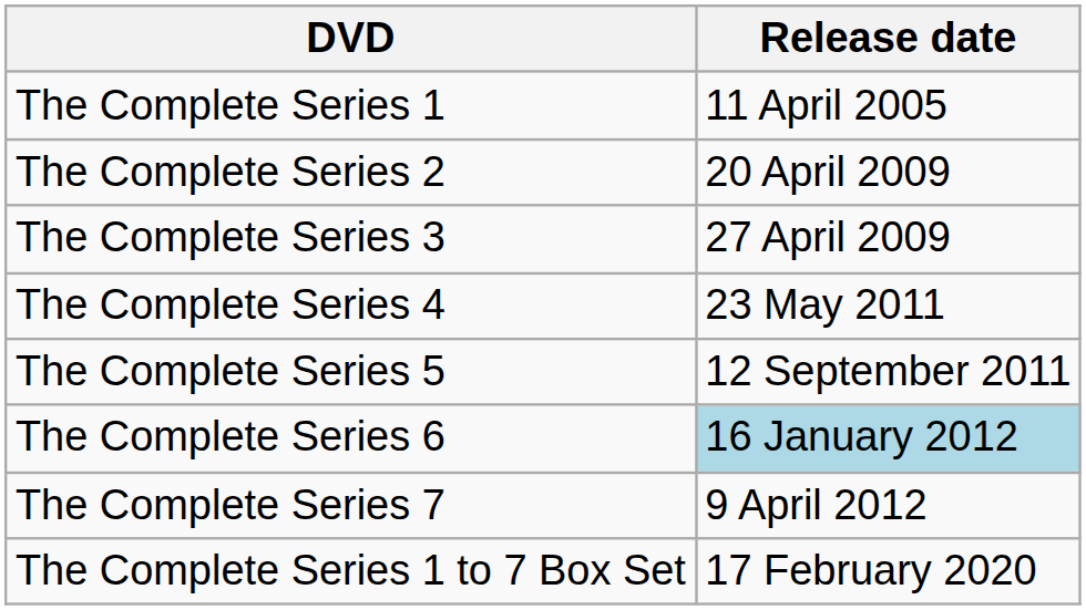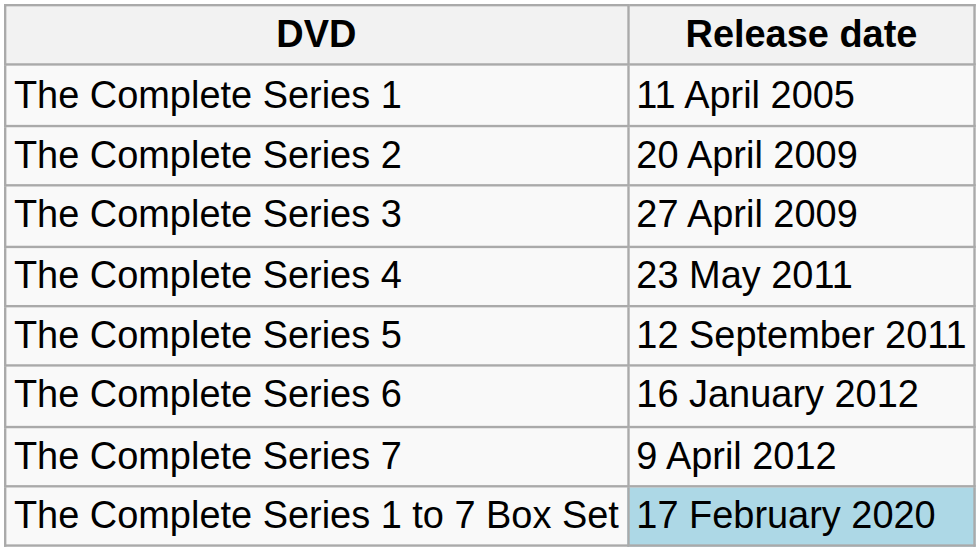 <table class="wikitable">
 <tr>
 <th>DVD</th>
 <th>Release date</th>
 </tr>
 <tr>
 <td>The Complete Series 1</td>
 <td>11 April 2005</td>
 </tr>
 <tr>
 <td>The Complete Series 2</td>
 <td>20 April 2009</td>
 </tr>
 <tr>
 <td>The Complete Series 3</td>
 <td>27 April 2009</td>
 </tr>
 <tr>
 <td>The Complete Series 4</td>
 <td>23 May 2011</td>
 </tr>
 <tr>
 <td>The Complete Series 5</td>
 <td>12 September 2011</td>
 </tr>
 <tr>
 <td>The Complete Series 6</td>
-<td style="background: lightblue;">16 January 2012</td>
+<td>16 January 2012</td>
 </tr>
 <tr>
 <td>The Complete Series 7</td>
 <td>9 April 2012</td>
 </tr>
 <tr>
 <td>The Complete Series 1 to 7 Box Set</td>
-<td>17 February 2020</td>
+<td style="background: lightblue;">17 February 2020</td>
 </tr>
 </table>
